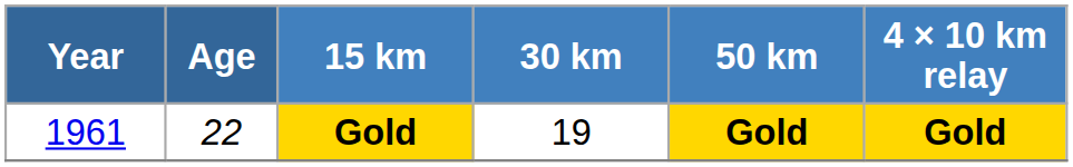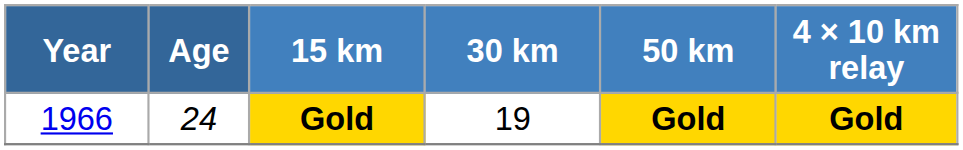 <table class="wikitable" style="font-size:95%; text-align:center; border:grey solid 1px; border-collapse:collapse; background:#ffffff;">
 <tr>
 <th style="background-color:#369; color:white; width:60px;"> Year </th>
 <th style="background-color:#369; color:white; width:40px;"> Age </th>
 <th style="background-color:#4180be; color:white; width:75px;"> 15 km </th>
 <th style="background-color:#4180be; color:white; width:75px;"> 30 km </th>
 <th style="background-color:#4180be; color:white; width:75px;"> 50 km </th>
 <th style="background-color:#4180be; color:white; width:75px;"> 4 × 10 km <br> relay </th>
 </tr>
 <tr>
-<td><a href='#'>1961</a></td>
-<td><em>22</em></td>
+<td><a href='#'>1966</a></td>
+<td><em>24</em></td>
 <td style="background:gold;"><strong>Gold</strong></td>
 <td>19</td>
 <td style="background:gold;"><strong>Gold</strong></td>
 <td style="background:gold;"><strong>Gold</strong></td>
 </tr>
 <tr>
 </tr>
 </table>
